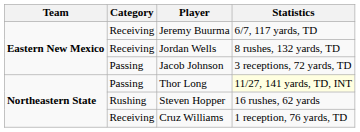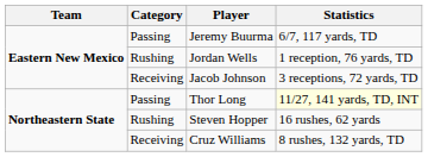 <table class="wikitable" style="float: left;">
 <tr>
 <th>Team</th>
 <th>Category</th>
 <th>Player</th>
 <th>Statistics</th>
 </tr>
 <tr>
 <td rowspan=3><strong>Eastern New Mexico</strong></td>
-<td>Receiving</td>
+<td>Passing</td>
 <td>Jeremy Buurma</td>
 <td>6/7, 117 yards, TD</td>
 </tr>
 <tr>
-<td>Receiving</td>
+<td>Rushing</td>
 <td>Jordan Wells</td>
-<td>8 rushes, 132 yards, TD</td>
+<td>1 reception, 76 yards, TD</td>
 </tr>
 <tr>
-<td>Passing</td>
+<td>Receiving</td>
 <td>Jacob Johnson</td>
 <td>3 receptions, 72 yards, TD</td>
 </tr>
 <tr>
 <td rowspan=3><strong>Northeastern State</strong></td>
 <td>Passing</td>
 <td>Thor Long</td>
 <td style="background: lightyellow;">11/27, 141 yards, TD, INT</td>
 </tr>
 <tr>
 <td>Rushing</td>
 <td>Steven Hopper</td>
 <td>16 rushes, 62 yards</td>
 </tr>
 <tr>
 <td>Receiving</td>
 <td>Cruz Williams</td>
-<td>1 reception, 76 yards, TD</td>
+<td>8 rushes, 132 yards, TD</td>
 </tr>
 </table>
